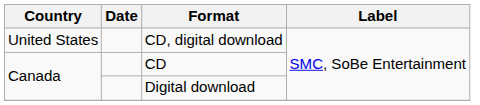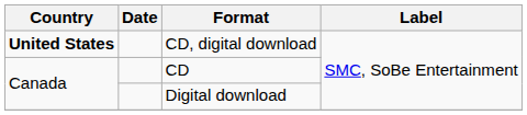 <table class="wikitable">
 <tr>
 <th>Country</th>
 <th>Date</th>
 <th>Format</th>
 <th>Label</th>
 </tr>
 <tr>
-<td rowspan="1">United States</td>
+<td rowspan="1"><strong>United States</strong></td>
 <td rowspan="1"></td>
 <td rowspan="1">CD, digital download</td>
 <td rowspan="3"><a href='#'>SMC</a>, SoBe Entertainment</td>
 </tr>
 <tr>
 <td rowspan="2">Canada</td>
 <td rowspan="1"></td>
 <td rowspan="1">CD</td>
 </tr>
 <tr>
 <td rowspan="1"></td>
 <td rowspan="1">Digital download</td>
 </tr>
 <tr>
 </tr>
 </table>
